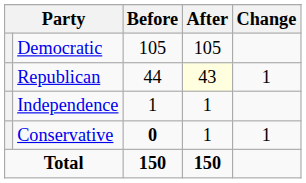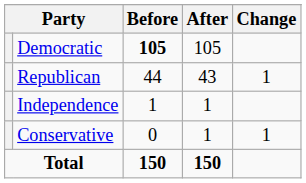 <table class="wikitable" style="text-align:center;">
 <tr>
 </tr>
 <tr>
 <th colspan=2>Party</th>
 <th>Before</th>
 <th>After</th>
 <th>Change</th>
 </tr>
 <tr>
 <th style="background-color:"></th>
 <td style="text-align:left;"><a href='#'>Democratic</a></td>
-<td>105</td>
+<td><strong>105</strong></td>
 <td>105</td>
 <td></td>
 </tr>
 <tr>
 <th style="background-color:"></th>
 <td style="text-align:left;"><a href='#'>Republican</a></td>
 <td>44</td>
-<td style="background: lightyellow;">43</td>
+<td>43</td>
 <td> 1</td>
 </tr>
 <tr>
 <th style="background-color:"></th>
 <td style="text-align:left;"><a href='#'>Independence</a></td>
 <td>1</td>
 <td>1</td>
 <td></td>
 </tr>
 <tr>
 <th style="background-color:"></th>
 <td style="text-align:left;"><a href='#'>Conservative</a></td>
-<td><strong>0</strong></td>
+<td>0</td>
 <td>1</td>
 <td> 1</td>
 </tr>
 <tr>
 <td colspan=2><strong>Total</strong></td>
 <td><strong>150</strong></td>
 <td><strong>150</strong></td>
 <td></td>
 </tr>
 </table>
